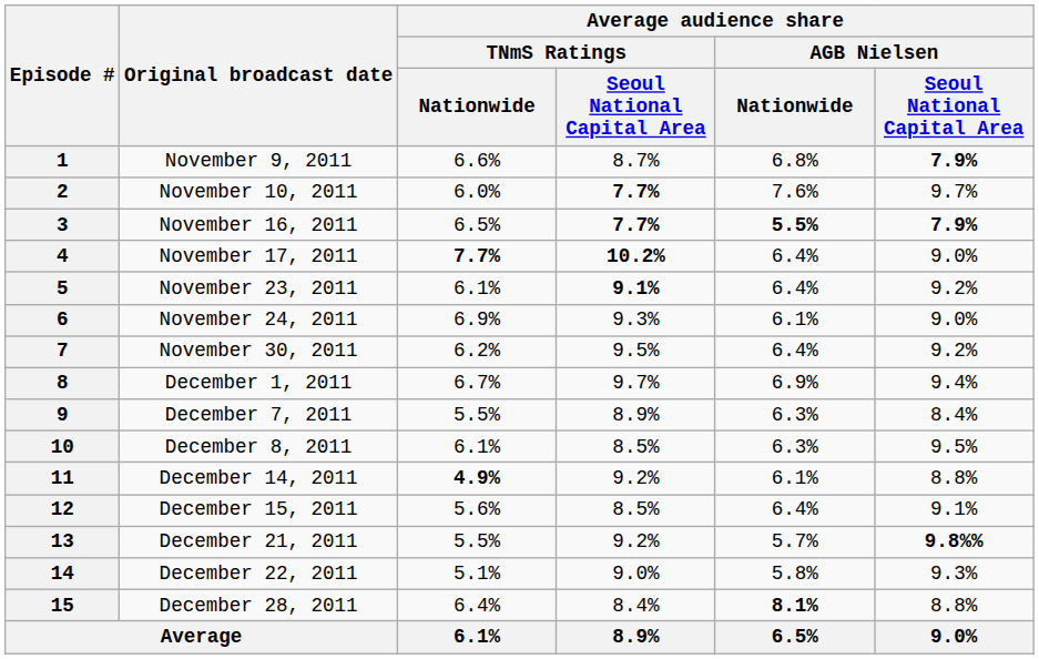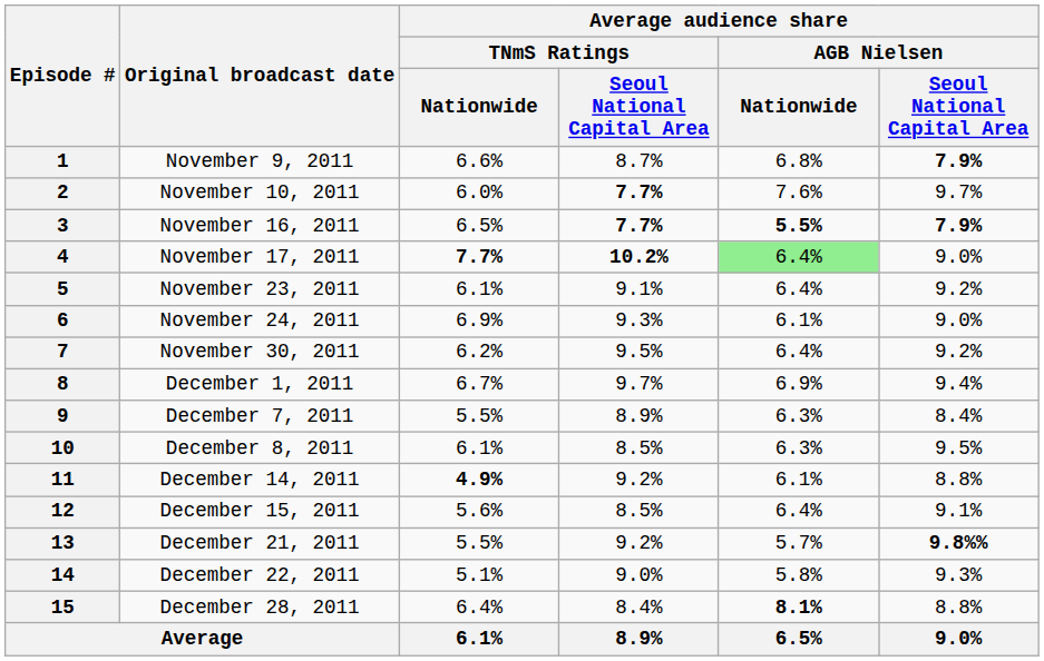 <table class=wikitable style="text-align:center">
 <tr>
 <th rowspan="3">Episode #</th>
 <th rowspan="3">Original broadcast date</th>
 <th colspan="4">Average audience share</th>
 </tr>
 <tr>
 <th colspan="2">TNmS Ratings</th>
 <th colspan="2">AGB Nielsen</th>
 </tr>
 <tr>
 <th width=100>Nationwide</th>
 <th width=100><a href='#'>Seoul National Capital Area</a></th>
 <th width=100>Nationwide</th>
 <th width=100><a href='#'>Seoul National Capital Area</a></th>
 </tr>
 <tr>
 <th>1</th>
 <td>November 9, 2011</td>
 <td>6.6%</td>
 <td>8.7%</td>
 <td>6.8%</td>
 <td><span><strong>7.9%</strong></span></td>
 </tr>
 <tr>
 <th>2</th>
 <td>November 10, 2011</td>
 <td>6.0%</td>
 <td><span><strong>7.7%</strong></span></td>
 <td>7.6%</td>
 <td>9.7%</td>
 </tr>
 <tr>
 <th>3</th>
 <td>November 16, 2011</td>
 <td>6.5%</td>
 <td><span><strong>7.7%</strong></span></td>
 <td><span><strong>5.5%</strong></span></td>
 <td><span><strong>7.9%</strong></span></td>
 </tr>
 <tr>
 <th>4</th>
 <td>November 17, 2011</td>
 <td><span><strong>7.7%</strong></span></td>
 <td><span><strong>10.2%</strong></span></td>
-<td>6.4%</td>
+<td style="background: lightgreen;">6.4%</td>
 <td>9.0%</td>
 </tr>
 <tr>
 <th>5</th>
 <td>November 23, 2011</td>
 <td>6.1%</td>
-<td><strong>9.1%</strong></td>
+<td>9.1%</td>
 <td>6.4%</td>
 <td>9.2%</td>
 </tr>
 <tr>
 <th>6</th>
 <td>November 24, 2011</td>
 <td>6.9%</td>
 <td>9.3%</td>
 <td>6.1%</td>
 <td>9.0%</td>
 </tr>
 <tr>
 <th>7</th>
 <td>November 30, 2011</td>
 <td>6.2%</td>
 <td>9.5%</td>
 <td>6.4%</td>
 <td>9.2%</td>
 </tr>
 <tr>
 <th>8</th>
 <td>December 1, 2011</td>
 <td>6.7%</td>
 <td>9.7%</td>
 <td>6.9%</td>
 <td>9.4%</td>
 </tr>
 <tr>
 <th>9</th>
 <td>December 7, 2011</td>
 <td>5.5%</td>
 <td>8.9%</td>
 <td>6.3%</td>
 <td>8.4%</td>
 </tr>
 <tr>
 <th>10</th>
 <td>December 8, 2011</td>
 <td>6.1%</td>
 <td>8.5%</td>
 <td>6.3%</td>
 <td>9.5%</td>
 </tr>
 <tr>
 <th>11</th>
 <td>December 14, 2011</td>
 <td><span><strong>4.9%</strong></span></td>
 <td>9.2%</td>
 <td>6.1%</td>
 <td>8.8%</td>
 </tr>
 <tr>
 <th>12</th>
 <td>December 15, 2011</td>
 <td>5.6%</td>
 <td>8.5%</td>
 <td>6.4%</td>
 <td>9.1%</td>
 </tr>
 <tr>
 <th>13</th>
 <td>December 21, 2011</td>
 <td>5.5%</td>
 <td>9.2%</td>
 <td>5.7%</td>
 <td><span><strong>9.8%%</strong></span></td>
 </tr>
 <tr>
 <th>14</th>
 <td>December 22, 2011</td>
 <td>5.1%</td>
 <td>9.0%</td>
 <td>5.8%</td>
 <td>9.3%</td>
 </tr>
 <tr>
 <th>15</th>
 <td>December 28, 2011</td>
 <td>6.4%</td>
 <td>8.4%</td>
 <td><span><strong>8.1%</strong></span></td>
 <td>8.8%</td>
 </tr>
 <tr>
 <th colspan=2>Average</th>
 <th>6.1%</th>
 <th>8.9%</th>
 <th>6.5%</th>
 <th>9.0%</th>
 </tr>
 </table>
